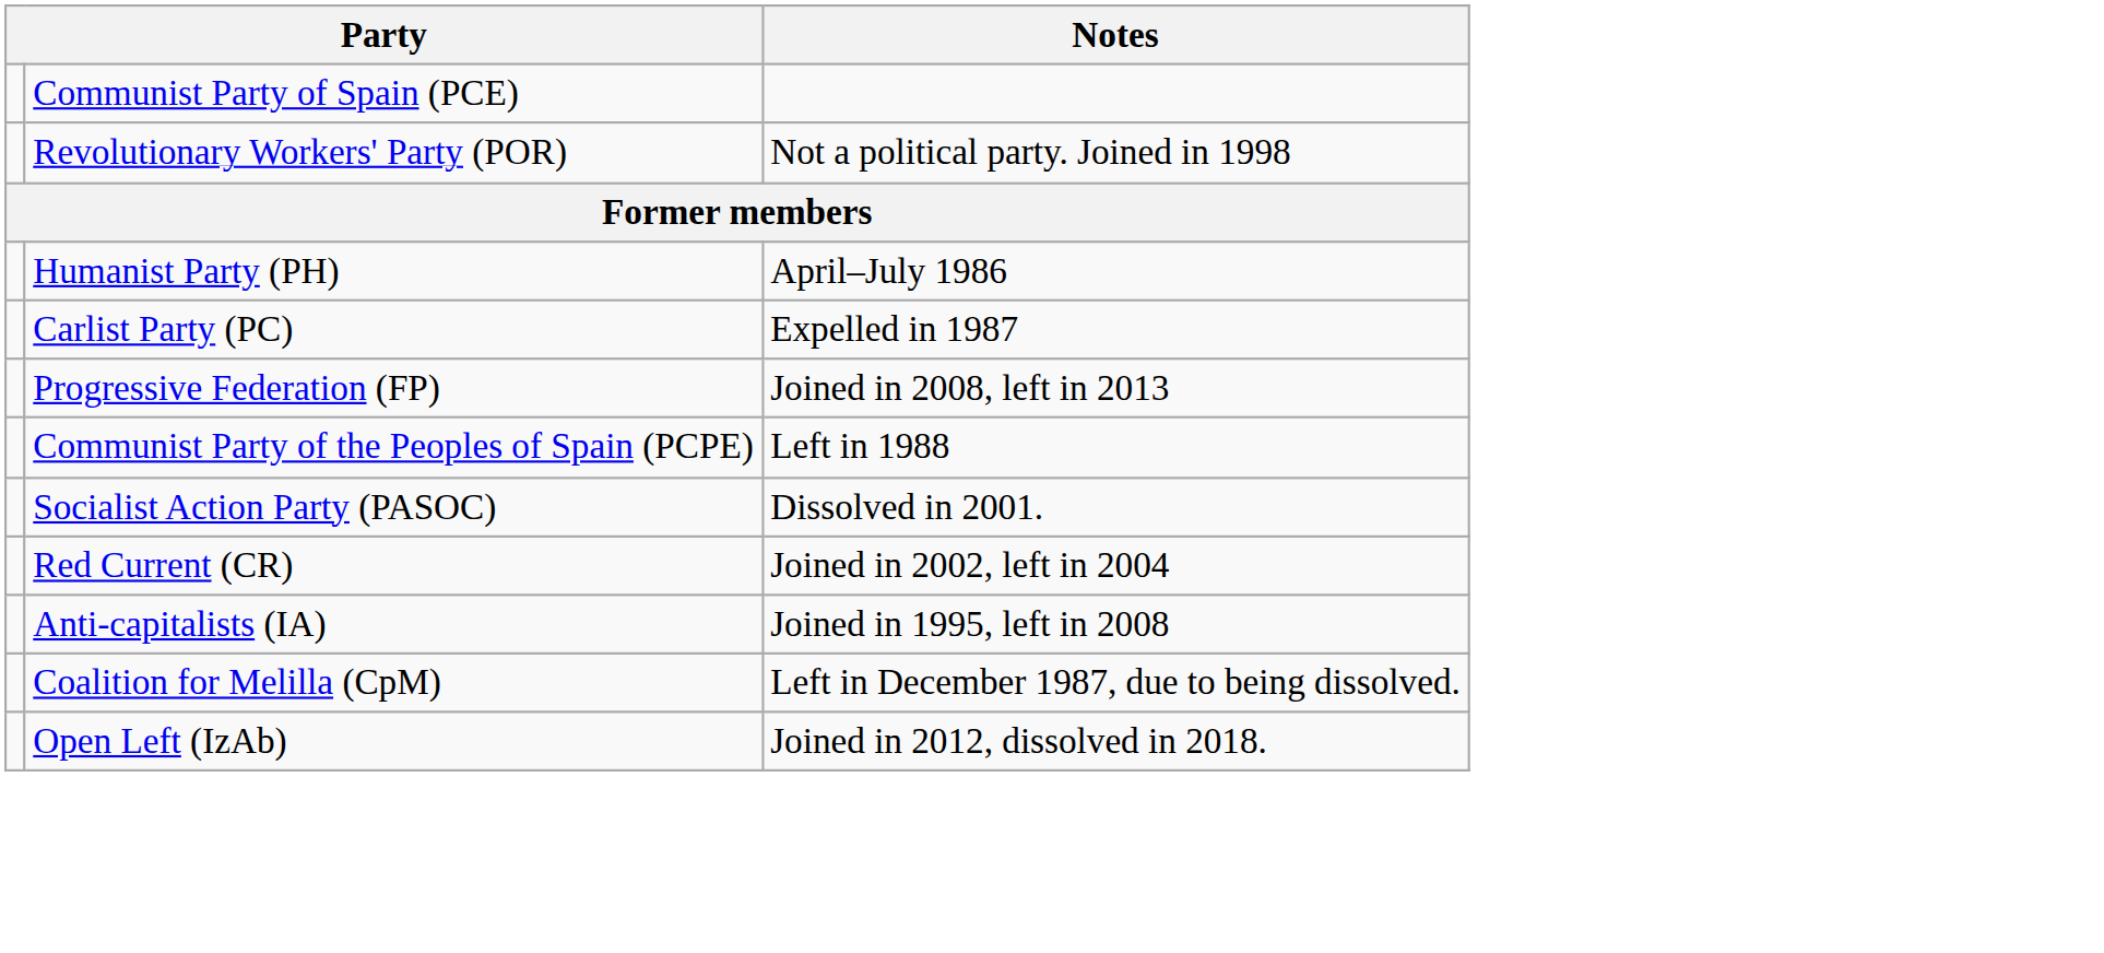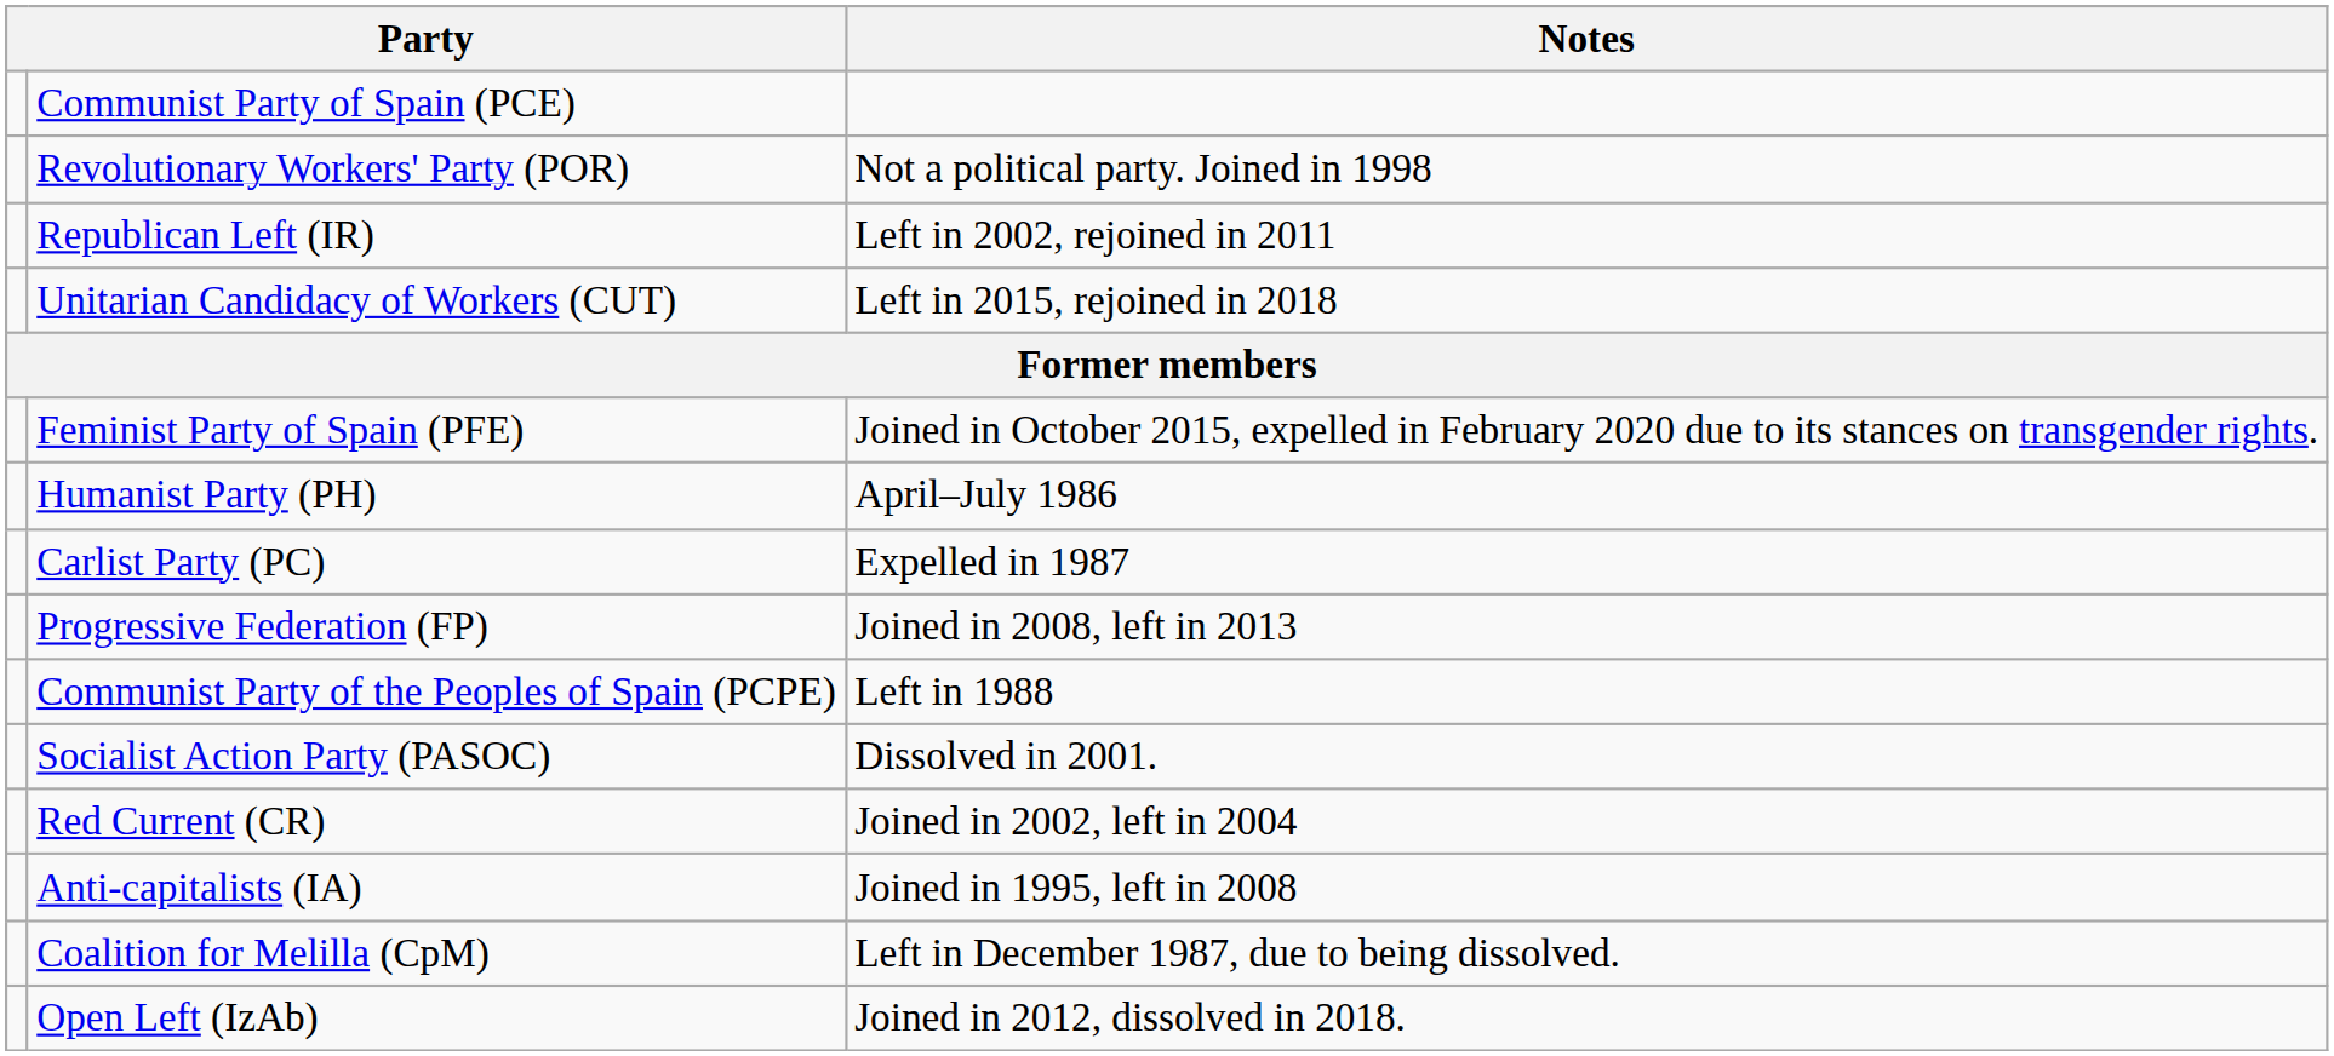 <table class="wikitable" style="text-align:left; font-size:97%;">
 <tr>
 <th colspan="2">Party</th>
 <th>Notes</th>
 </tr>
 <tr>
 <td width="1"></td>
 <td><a href='#'>Communist Party of Spain</a> (PCE)</td>
 <td></td>
 </tr>
 <tr>
 <td></td>
 <td><a href='#'>Revolutionary Workers' Party</a> (POR)</td>
 <td>Not a political party. Joined in 1998</td>
 </tr>
 <tr>
+<td></td>
+<td><a href='#'>Republican Left</a> (IR)</td>
+<td>Left in 2002, rejoined in 2011</td>
+</tr>
+<tr>
+<td></td>
+<td><a href='#'>Unitarian Candidacy of Workers</a> (CUT)</td>
+<td>Left in 2015, rejoined in 2018</td>
+</tr>
+<tr>
 <th colspan="3">Former members</th>
+</tr>
+<tr>
+<td></td>
+<td><a href='#'>Feminist Party of Spain</a> (PFE)</td>
+<td>Joined in October 2015, expelled in February 2020 due to its stances on <a href='#'>transgender rights</a>.</td>
 </tr>
 <tr>
 <td bgcolor=></td>
 <td><a href='#'>Humanist Party</a> (PH)</td>
 <td>April–July 1986</td>
 </tr>
 <tr>
 <td></td>
 <td><a href='#'>Carlist Party</a> (PC)</td>
 <td>Expelled in 1987</td>
 </tr>
 <tr>
 <td></td>
 <td><a href='#'>Progressive Federation</a> (FP)</td>
 <td>Joined in 2008, left in 2013</td>
 </tr>
 <tr>
 <td></td>
 <td><a href='#'>Communist Party of the Peoples of Spain</a> (PCPE)</td>
 <td>Left in 1988</td>
 </tr>
 <tr>
 <td></td>
 <td><a href='#'>Socialist Action Party</a> (PASOC)</td>
 <td>Dissolved in 2001.</td>
 </tr>
 <tr>
 <td></td>
 <td><a href='#'>Red Current</a> (CR)</td>
 <td>Joined in 2002, left in 2004</td>
 </tr>
 <tr>
 <td></td>
 <td><a href='#'>Anti-capitalists</a> (IA)</td>
 <td>Joined in 1995, left in 2008</td>
 </tr>
 <tr>
 <td></td>
 <td><a href='#'>Coalition for Melilla</a> (CpM)</td>
 <td>Left in December 1987, due to being dissolved.</td>
 </tr>
 <tr>
 <td></td>
 <td><a href='#'>Open Left</a> (IzAb)</td>
 <td>Joined in 2012, dissolved in 2018.</td>
 </tr>
 </table>
